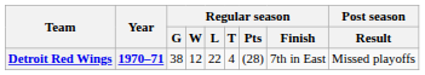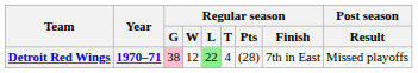 <table class="wikitable" style="font-size: 95%; text-align:center;">
 <tr>
 <th rowspan="2">Team</th>
 <th rowspan="2">Year</th>
 <th colspan="6">Regular season</th>
 <th colspan="1">Post season</th>
 </tr>
 <tr>
 <th>G</th>
 <th>W</th>
 <th>L</th>
 <th>T</th>
 <th>Pts</th>
 <th>Finish</th>
 <th>Result</th>
 </tr>
 <tr>
 <th><a href='#'>Detroit Red Wings</a></th>
 <th><a href='#'>1970–71</a></th>
-<td>38</td>
+<td style="background: pink;">38</td>
 <td>12</td>
-<td>22</td>
+<td style="background: lightgreen;">22</td>
 <td>4</td>
 <td>(28)</td>
 <td>7th in East</td>
 <td>Missed playoffs</td>
 </tr>
 </table>
